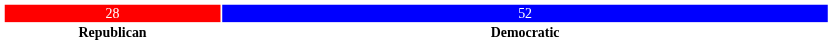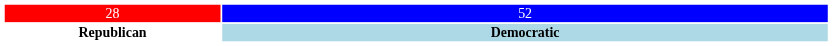 <table style="width:60%; text-align:center;">
 <tr style="color:white;">
 <td style="background:red; width:26.25%;">28<br></td>
 <td style="background:blue; width:73.75%;">52</td>
 </tr>
 <tr>
 <td><span><strong>Republican</strong></span><br></td>
-<td><span><strong>Democratic</strong></span></td>
+<td style="background: lightblue;"><span><strong>Democratic</strong></span></td>
 </tr>
 </table>
